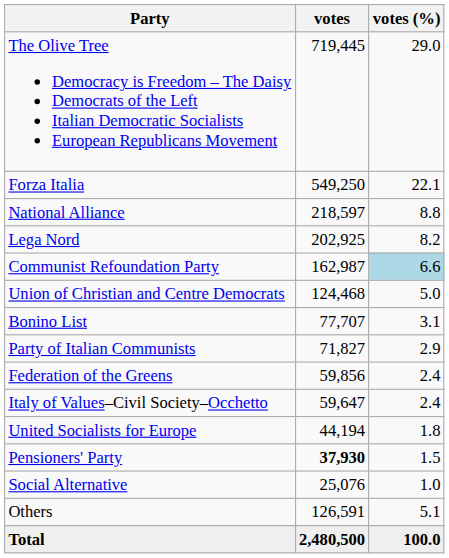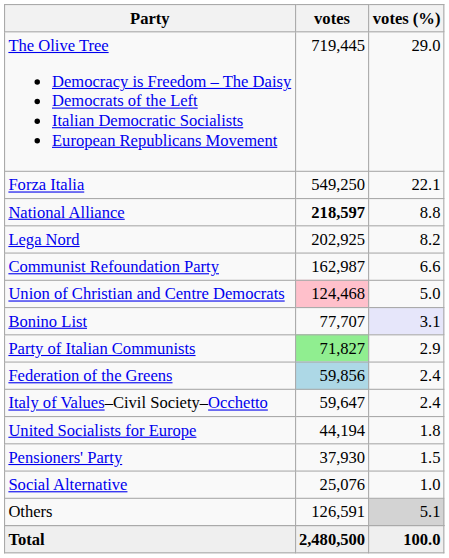 <table class="wikitable" style="font-size:95%">
 <tr bgcolor="EFEFEF">
 <th>Party</th>
 <th>votes</th>
 <th>votes (%)</th>
 </tr>
 <tr>
 <td><a href='#'>The Olive Tree</a><br><ul><li><a href='#'>Democracy is Freedom – The Daisy</a></li><li><a href='#'>Democrats of the Left</a></li><li><a href='#'>Italian Democratic Socialists</a></li><li><a href='#'>European Republicans Movement</a></li></ul></td>
 <td align=right valign=top>719,445</td>
 <td align=right valign=top>29.0</td>
 </tr>
 <tr>
 <td><a href='#'>Forza Italia</a></td>
 <td align=right>549,250</td>
 <td align=right>22.1</td>
 </tr>
 <tr>
 <td><a href='#'>National Alliance</a></td>
-<td align=right>218,597</td>
+<td align=right><strong>218,597</strong></td>
 <td align=right>8.8</td>
 </tr>
 <tr>
 <td><a href='#'>Lega Nord</a></td>
 <td align=right>202,925</td>
 <td align=right>8.2</td>
 </tr>
 <tr>
 <td><a href='#'>Communist Refoundation Party</a></td>
 <td align=right>162,987</td>
-<td align=right style="background: lightblue;">6.6</td>
+<td align=right>6.6</td>
 </tr>
 <tr>
 <td><a href='#'>Union of Christian and Centre Democrats</a></td>
-<td align=right>124,468</td>
+<td align=right style="background: pink;">124,468</td>
 <td align=right>5.0</td>
 </tr>
 <tr>
 <td><a href='#'>Bonino List</a></td>
 <td align=right>77,707</td>
-<td align=right>3.1</td>
+<td align=right style="background: lavender;">3.1</td>
 </tr>
 <tr>
 <td><a href='#'>Party of Italian Communists</a></td>
-<td align=right>71,827</td>
+<td align=right style="background: lightgreen;">71,827</td>
 <td align=right>2.9</td>
 </tr>
 <tr>
 <td><a href='#'>Federation of the Greens</a></td>
-<td align=right>59,856</td>
+<td align=right style="background: lightblue;">59,856</td>
 <td align=right>2.4</td>
 </tr>
 <tr>
 <td><a href='#'>Italy of Values</a>–Civil Society–<a href='#'>Occhetto</a></td>
 <td align=right>59,647</td>
 <td align=right>2.4</td>
 </tr>
 <tr>
 <td><a href='#'>United Socialists for Europe</a></td>
 <td align=right>44,194</td>
 <td align=right>1.8</td>
 </tr>
 <tr>
 <td><a href='#'>Pensioners' Party</a></td>
-<td align=right><strong>37,930</strong></td>
+<td align=right>37,930</td>
 <td align=right>1.5</td>
 </tr>
 <tr>
 <td><a href='#'>Social Alternative</a></td>
 <td align=right>25,076</td>
 <td align=right>1.0</td>
 </tr>
 <tr>
 <td>Others</td>
 <td align=right>126,591</td>
-<td align=right>5.1</td>
+<td align=right style="background: lightgrey;">5.1</td>
 </tr>
 <tr>
 </tr>
 <tr bgcolor="EFEFEF">
 <td><strong>Total</strong></td>
 <td align=right><strong>2,480,500</strong></td>
 <td align=right><strong>100.0</strong></td>
 </tr>
 </table>
